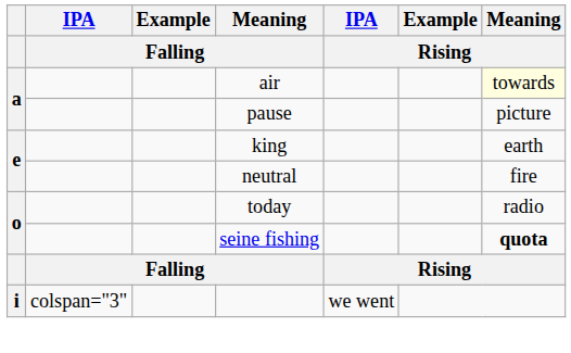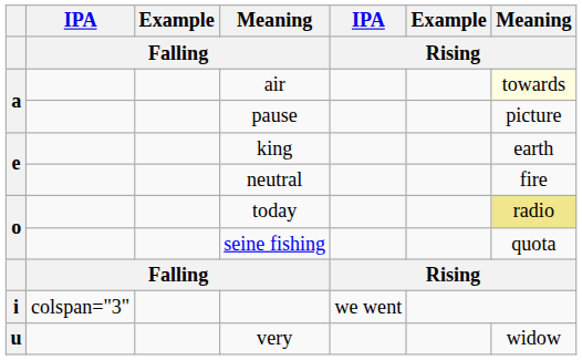 <table class="wikitable" style="text-align: center; float: right;">
 <tr>
 <th></th>
 <th><a href='#'>IPA</a></th>
 <th>Example</th>
 <th>Meaning</th>
 <th><a href='#'>IPA</a></th>
 <th>Example</th>
 <th>Meaning</th>
 </tr>
 <tr>
 <th></th>
 <th colspan="3">Falling</th>
 <th colspan="3">Rising</th>
 </tr>
 <tr>
 <th rowspan="2">a</th>
 <td></td>
 <td></td>
 <td>air</td>
 <td></td>
 <td></td>
 <td style="background: lightyellow;">towards</td>
 </tr>
 <tr>
 <td></td>
 <td></td>
 <td>pause</td>
 <td></td>
 <td></td>
 <td>picture</td>
 </tr>
 <tr>
 <th rowspan="2">e</th>
 <td></td>
 <td></td>
 <td>king</td>
 <td></td>
 <td></td>
 <td>earth</td>
 </tr>
 <tr>
 <td></td>
 <td></td>
 <td>neutral</td>
 <td></td>
 <td></td>
 <td>fire</td>
 </tr>
 <tr>
 <th rowspan="2">o</th>
 <td></td>
 <td></td>
 <td>today</td>
 <td></td>
 <td></td>
-<td>radio</td>
+<td style="background: khaki;">radio</td>
 </tr>
 <tr>
 <td></td>
 <td></td>
 <td><a href='#'>seine fishing</a></td>
 <td></td>
 <td></td>
-<td><strong>quota</strong></td>
+<td>quota</td>
 </tr>
 <tr>
 <th></th>
 <th colspan="3">Falling</th>
 <th colspan="3">Rising</th>
 </tr>
 <tr>
 <th>i</th>
 <td>colspan="3" </td>
 <td></td>
 <td></td>
 <td>we went</td>
 </tr>
+<tr>
+<th>u</th>
+<td></td>
+<td></td>
+<td>very</td>
+<td></td>
+<td></td>
+<td>widow</td>
+</tr>
 </table>
